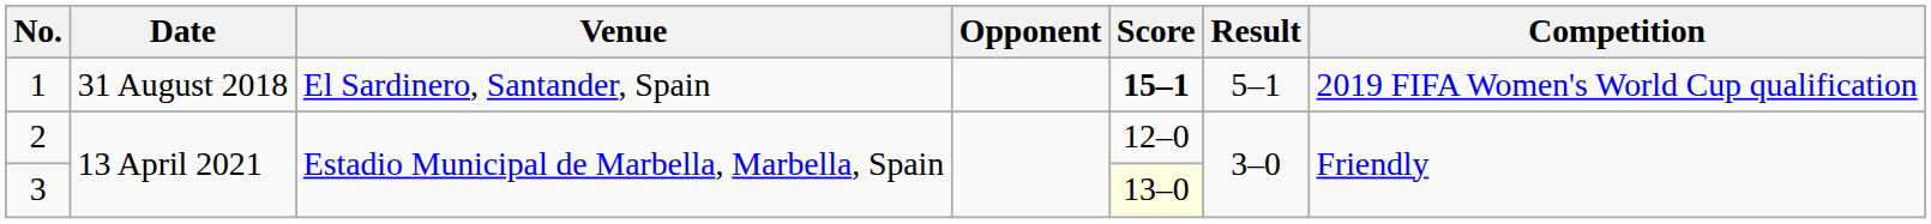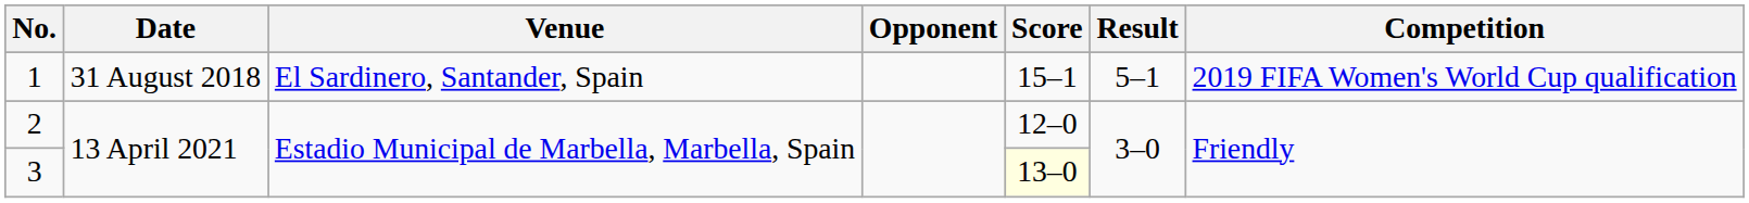 <table class="wikitable sortable">
 <tr>
 <th scope="col">No.</th>
 <th scope="col">Date</th>
 <th scope="col">Venue</th>
 <th scope="col">Opponent</th>
 <th scope="col">Score</th>
 <th scope="col">Result</th>
 <th scope="col">Competition</th>
 </tr>
 <tr>
 <td style="text-align:center">1</td>
 <td>31 August 2018</td>
 <td><a href='#'>El Sardinero</a>, <a href='#'>Santander</a>, Spain</td>
 <td></td>
-<td style="text-align:center"><strong>15–1</strong></td>
+<td style="text-align:center">15–1</td>
 <td style="text-align:center">5–1</td>
 <td><a href='#'>2019 FIFA Women's World Cup qualification</a></td>
 </tr>
 <tr>
 <td style="text-align:center">2</td>
 <td rowspan="2">13 April 2021</td>
 <td rowspan="2"><a href='#'>Estadio Municipal de Marbella</a>, <a href='#'>Marbella</a>, Spain</td>
 <td rowspan="2"></td>
 <td style="text-align:center">12–0</td>
 <td rowspan="2" style="text-align:center">3–0</td>
 <td rowspan="2"><a href='#'>Friendly</a></td>
 </tr>
 <tr>
 <td style="text-align:center">3</td>
 <td style="background: lightyellow; text-align:center">13–0</td>
 </tr>
 </table>
